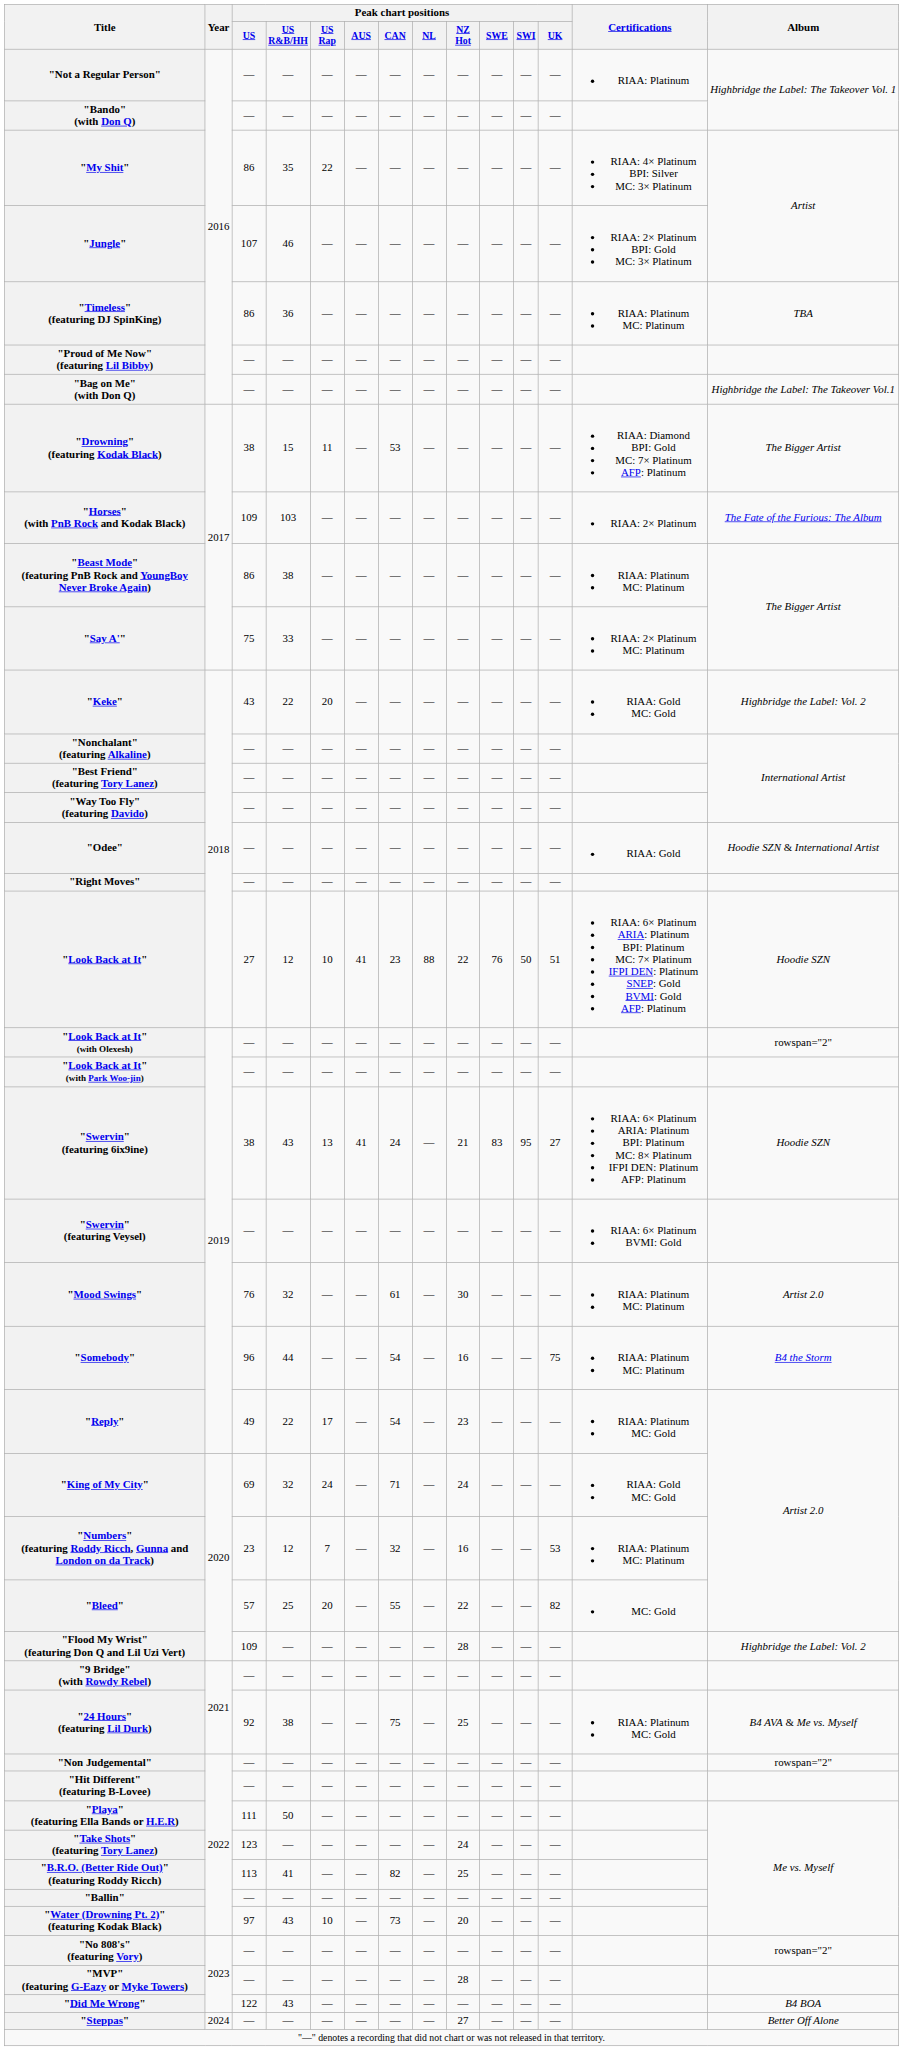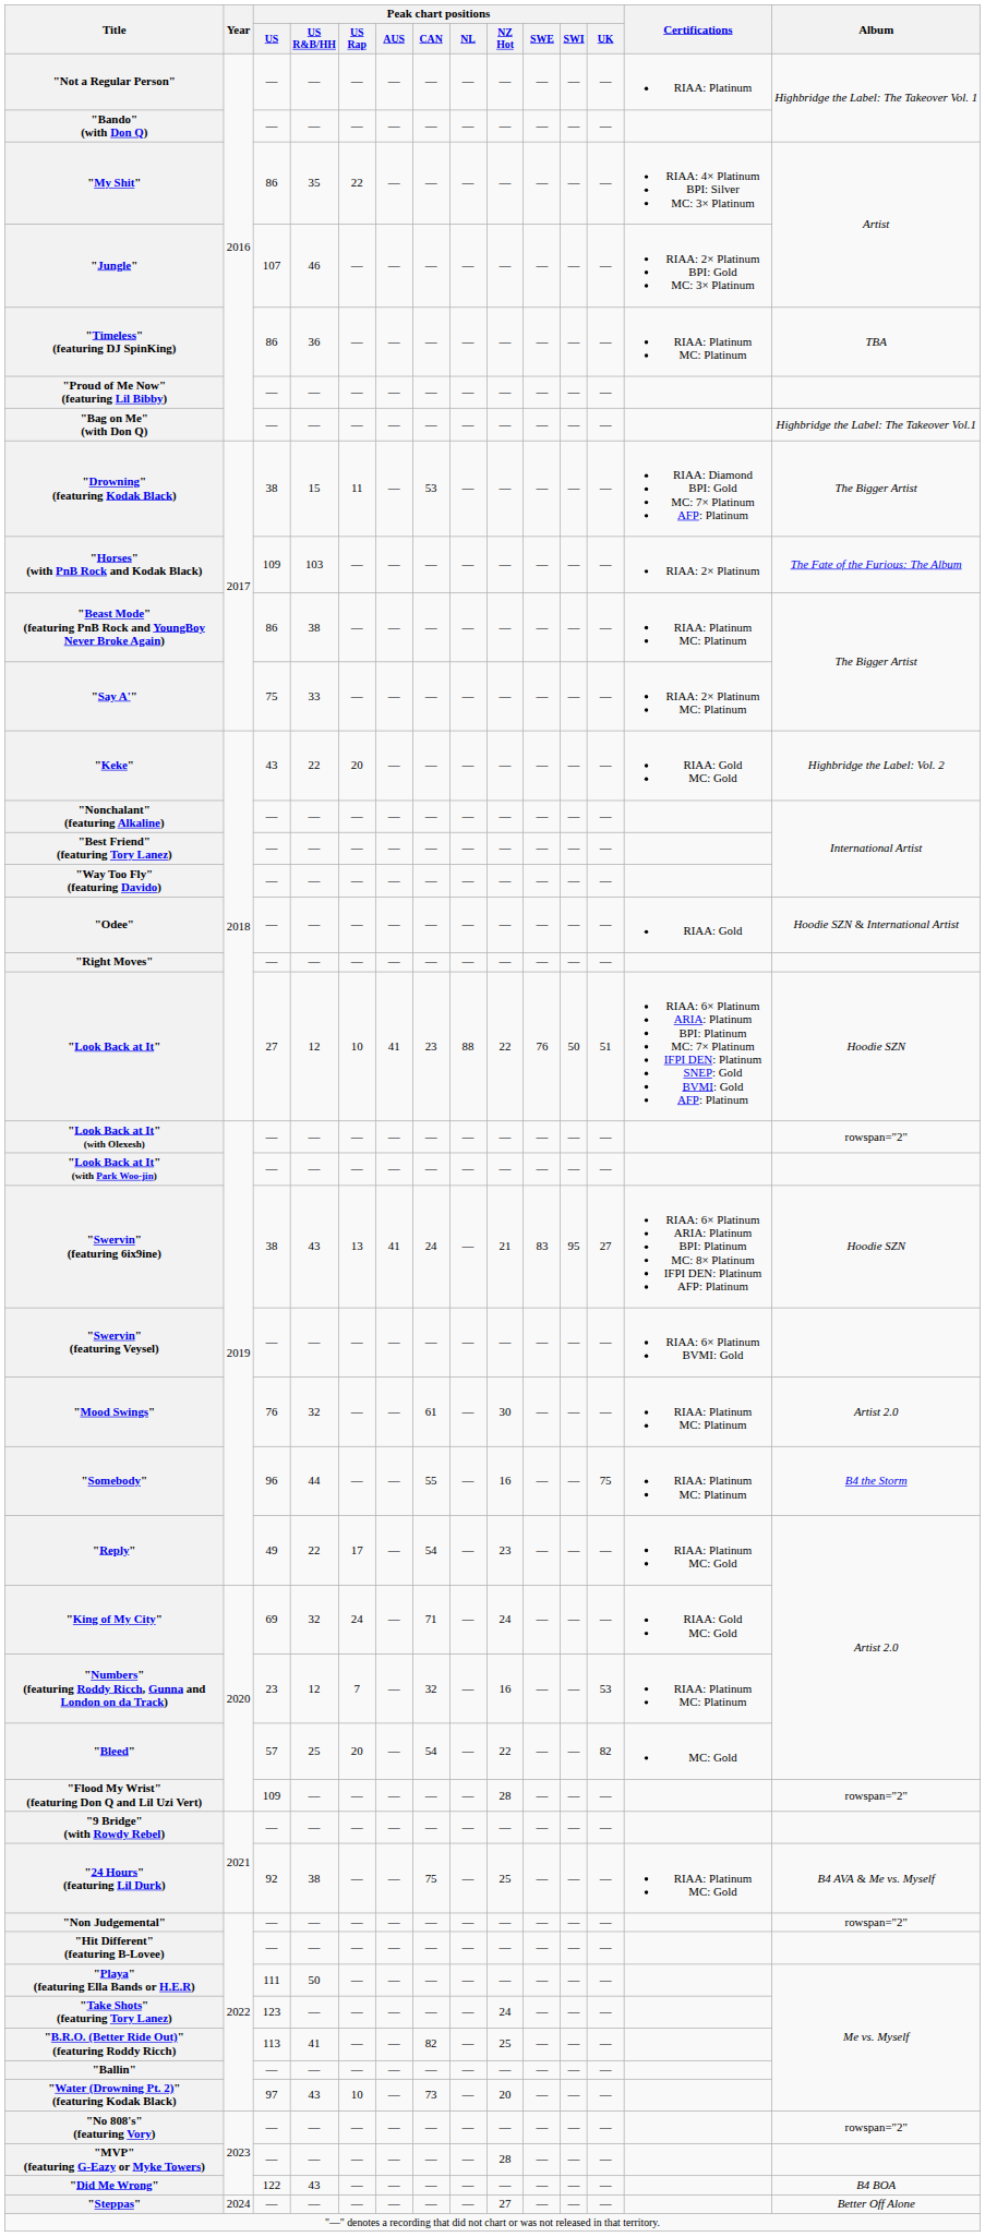 <table class="wikitable plainrowheaders" style="text-align:center;">
 <tr>
 <th scope="col" rowspan="2" style="width:18em;">Title</th>
 <th scope="col" rowspan="2" style="width:1em;">Year</th>
 <th colspan="10" scope="col">Peak chart positions</th>
 <th scope="col" rowspan="2" style="width:12em;"><a href='#'>Certifications</a></th>
 <th scope="col" rowspan="2">Album</th>
 </tr>
 <tr>
 <th scope="col" style="width:3em;font-size:90%;"><a href='#'>US</a><br></th>
 <th scope="col" style="width:3em;font-size:90%;"><a href='#'>US R&B/HH</a><br></th>
 <th scope="col" style="width:3em;font-size:90%;"><a href='#'>US Rap</a><br></th>
 <th scope="col" style="width:3em;font-size:90%;"><a href='#'>AUS</a><br></th>
 <th scope="col" style="width:3em;font-size:90%;"><a href='#'>CAN</a><br></th>
 <th scope="col" style="width:3em;font-size:90%;"><a href='#'>NL</a><br></th>
 <th scope="col" style="width:3em;font-size:90%";><a href='#'>NZ<br>Hot</a><br></th>
 <th scope="col" style="width:3em;font-size:90%;"><a href='#'>SWE</a><br></th>
 <th scope="col" style="width:2em;font-size:90%"><a href='#'>SWI</a><br></th>
 <th scope="col" style="width:3em;font-size:90%;"><a href='#'>UK</a><br></th>
 </tr>
 <tr>
 <th scope="row">"Not a Regular Person"</th>
 <td rowspan="7">2016</td>
 <td>—</td>
 <td>—</td>
 <td>—</td>
 <td>—</td>
 <td>—</td>
 <td>—</td>
 <td>—</td>
 <td>—</td>
 <td>—</td>
 <td>—</td>
 <td><br><ul><li>RIAA: Platinum</li></ul></td>
 <td rowspan="2"><em>Highbridge the Label: The Takeover Vol. 1</em></td>
 </tr>
 <tr>
 <th scope="row">"Bando"<br><span>(with <a href='#'>Don Q</a>)</span></th>
 <td>—</td>
 <td>—</td>
 <td>—</td>
 <td>—</td>
 <td>—</td>
 <td>—</td>
 <td>—</td>
 <td>—</td>
 <td>—</td>
 <td>—</td>
 <td></td>
 </tr>
 <tr>
 <th scope="row">"<a href='#'>My Shit</a>"</th>
 <td>86</td>
 <td>35</td>
 <td>22</td>
 <td>—</td>
 <td>—</td>
 <td>—</td>
 <td>—</td>
 <td>—</td>
 <td>—</td>
 <td>—</td>
 <td><br><ul><li>RIAA: 4× Platinum</li><li>BPI: Silver</li><li>MC: 3× Platinum</li></ul></td>
 <td rowspan="2"><em>Artist</em></td>
 </tr>
 <tr>
 <th scope="row">"<a href='#'>Jungle</a>"</th>
 <td>107</td>
 <td>46</td>
 <td>—</td>
 <td>—</td>
 <td>—</td>
 <td>—</td>
 <td>—</td>
 <td>—</td>
 <td>—</td>
 <td>—</td>
 <td><br><ul><li>RIAA: 2× Platinum</li><li>BPI: Gold</li><li>MC: 3× Platinum</li></ul></td>
 </tr>
 <tr>
 <th scope="row">"<a href='#'>Timeless</a>"<br><span>(featuring DJ SpinKing)</span></th>
 <td>86</td>
 <td>36</td>
 <td>—</td>
 <td>—</td>
 <td>—</td>
 <td>—</td>
 <td>—</td>
 <td>—</td>
 <td>—</td>
 <td>—</td>
 <td><br><ul><li>RIAA: Platinum</li><li>MC: Platinum</li></ul></td>
 <td><em>TBA</em></td>
 </tr>
 <tr>
 <th scope="row">"Proud of Me Now"<br><span>(featuring <a href='#'>Lil Bibby</a>)</span></th>
 <td>—</td>
 <td>—</td>
 <td>—</td>
 <td>—</td>
 <td>—</td>
 <td>—</td>
 <td>—</td>
 <td>—</td>
 <td>—</td>
 <td>—</td>
 <td></td>
 <td></td>
 </tr>
 <tr>
 <th scope="row">"Bag on Me"<br><span>(with Don Q)</span></th>
 <td>—</td>
 <td>—</td>
 <td>—</td>
 <td>—</td>
 <td>—</td>
 <td>—</td>
 <td>—</td>
 <td>—</td>
 <td>—</td>
 <td>—</td>
 <td></td>
 <td><em>Highbridge the Label: The Takeover Vol.1</em></td>
 </tr>
 <tr>
 <th scope="row">"<a href='#'>Drowning</a>"<br><span>(featuring <a href='#'>Kodak Black</a>)</span></th>
 <td rowspan="4">2017</td>
 <td>38</td>
 <td>15</td>
 <td>11</td>
 <td>—</td>
 <td>53</td>
 <td>—</td>
 <td>—</td>
 <td>—</td>
 <td>—</td>
 <td>—</td>
 <td><br><ul><li>RIAA: Diamond</li><li>BPI: Gold</li><li>MC: 7× Platinum</li><li><a href='#'>AFP</a>: Platinum</li></ul></td>
 <td><em>The Bigger Artist</em></td>
 </tr>
 <tr>
 <th scope="row">"<a href='#'>Horses</a>"<br><span>(with <a href='#'>PnB Rock</a> and Kodak Black)</span></th>
 <td>109</td>
 <td>103</td>
 <td>—</td>
 <td>—</td>
 <td>—</td>
 <td>—</td>
 <td>—</td>
 <td>—</td>
 <td>—</td>
 <td>—</td>
 <td><br><ul><li>RIAA: 2× Platinum</li></ul></td>
 <td><em><a href='#'>The Fate of the Furious: The Album</a></em></td>
 </tr>
 <tr>
 <th scope="row">"<a href='#'>Beast Mode</a>"<br><span>(featuring PnB Rock and <a href='#'>YoungBoy Never Broke Again</a>)</span></th>
 <td>86</td>
 <td>38</td>
 <td>—</td>
 <td>—</td>
 <td>—</td>
 <td>—</td>
 <td>—</td>
 <td>—</td>
 <td>—</td>
 <td>—</td>
 <td><br><ul><li>RIAA: Platinum</li><li>MC: Platinum</li></ul></td>
 <td rowspan="2"><em>The Bigger Artist</em></td>
 </tr>
 <tr>
 <th scope="row">"<a href='#'>Say A'</a>"</th>
 <td>75</td>
 <td>33</td>
 <td>—</td>
 <td>—</td>
 <td>—</td>
 <td>—</td>
 <td>—</td>
 <td>—</td>
 <td>—</td>
 <td>—</td>
 <td><br><ul><li>RIAA: 2× Platinum</li><li>MC: Platinum</li></ul></td>
 </tr>
 <tr>
 <th scope="row">"<a href='#'>Keke</a>"<br></th>
 <td rowspan="7">2018</td>
 <td>43</td>
 <td>22</td>
 <td>20</td>
 <td>—</td>
 <td>—</td>
 <td>—</td>
 <td>—</td>
 <td>—</td>
 <td>—</td>
 <td>—</td>
 <td><br><ul><li>RIAA: Gold</li><li>MC: Gold</li></ul></td>
 <td><em>Highbridge the Label: Vol. 2</em></td>
 </tr>
 <tr id="Nonchalant">
 <th scope="row">"Nonchalant"<br><span>(featuring <a href='#'>Alkaline</a>)</span></th>
 <td>—</td>
 <td>—</td>
 <td>—</td>
 <td>—</td>
 <td>—</td>
 <td>—</td>
 <td>—</td>
 <td>—</td>
 <td>—</td>
 <td>—</td>
 <td></td>
 <td rowspan="3"><em>International Artist</em></td>
 </tr>
 <tr>
 <th scope="row">"Best Friend" <br><span>(featuring <a href='#'>Tory Lanez</a>)</span></th>
 <td>—</td>
 <td>—</td>
 <td>—</td>
 <td>—</td>
 <td>—</td>
 <td>—</td>
 <td>—</td>
 <td>—</td>
 <td>—</td>
 <td>—</td>
 <td></td>
 </tr>
 <tr>
 <th scope="row">"Way Too Fly" <br><span>(featuring <a href='#'>Davido</a>)</span></th>
 <td>—</td>
 <td>—</td>
 <td>—</td>
 <td>—</td>
 <td>—</td>
 <td>—</td>
 <td>—</td>
 <td>—</td>
 <td>—</td>
 <td>—</td>
 </tr>
 <tr>
 <th scope="row">"Odee"</th>
 <td>—</td>
 <td>—</td>
 <td>—</td>
 <td>—</td>
 <td>—</td>
 <td>—</td>
 <td>—</td>
 <td>—</td>
 <td>—</td>
 <td>—</td>
 <td><br><ul><li>RIAA: Gold</li></ul></td>
 <td><em>Hoodie SZN</em> & <em>International Artist</em></td>
 </tr>
 <tr>
 <th scope="row">"Right Moves"</th>
 <td>—</td>
 <td>—</td>
 <td>—</td>
 <td>—</td>
 <td>—</td>
 <td>—</td>
 <td>—</td>
 <td>—</td>
 <td>—</td>
 <td>—</td>
 <td></td>
 <td></td>
 </tr>
 <tr>
 <th scope="row">"<a href='#'>Look Back at It</a>"</th>
 <td>27</td>
 <td>12</td>
 <td>10</td>
 <td>41</td>
 <td>23</td>
 <td>88</td>
 <td>22</td>
 <td>76</td>
 <td>50</td>
 <td>51</td>
 <td><br><ul><li>RIAA: 6× Platinum</li><li><a href='#'>ARIA</a>: Platinum</li><li>BPI: Platinum</li><li>MC: 7× Platinum</li><li><a href='#'>IFPI DEN</a>: Platinum</li><li><a href='#'>SNEP</a>: Gold</li><li><a href='#'>BVMI</a>: Gold</li><li><a href='#'>AFP</a>: Platinum</li></ul></td>
 <td><em>Hoodie SZN</em></td>
 </tr>
 <tr>
 <th scope= "row">"<a href='#'>Look Back at It</a>"<br><small>(with Olexesh)</small></th>
 <td rowspan="7" align="center">2019</td>
 <td align="center">—</td>
 <td align="center">—</td>
 <td align="center">—</td>
 <td align="center">—</td>
 <td align="center">—</td>
 <td align="center">—</td>
 <td align="center">—</td>
 <td align="center">—</td>
 <td>—</td>
 <td align="center">—</td>
 <td></td>
 <td>rowspan="2"</td>
 </tr>
 <tr>
 <th scope= "row">"<a href='#'>Look Back at It</a>"<br><small>(with <a href='#'>Park Woo-jin</a>)</small></th>
 <td align="center">—</td>
 <td align="center">—</td>
 <td align="center">—</td>
 <td align="center">—</td>
 <td align="center">—</td>
 <td align="center">—</td>
 <td align="center">—</td>
 <td align="center">—</td>
 <td>—</td>
 <td align="center">—</td>
 <td></td>
 </tr>
 <tr>
 <th scope="row">"<a href='#'>Swervin</a>"<br><span>(featuring 6ix9ine)</span></th>
 <td>38</td>
 <td>43</td>
 <td>13</td>
 <td>41</td>
 <td>24</td>
 <td>—</td>
 <td>21</td>
 <td>83</td>
 <td>95</td>
 <td>27</td>
 <td><br><ul><li>RIAA: 6× Platinum</li><li>ARIA: Platinum</li><li>BPI: Platinum</li><li>MC: 8× Platinum</li><li>IFPI DEN: Platinum</li><li>AFP: Platinum</li></ul></td>
 <td><em>Hoodie SZN</em></td>
 </tr>
 <tr>
 <th scope="row">"<a href='#'>Swervin</a>"<br><span>(featuring Veysel)</span></th>
 <td align="center">—</td>
 <td align="center">—</td>
 <td align="center">—</td>
 <td align="center">—</td>
 <td align="center">—</td>
 <td align="center">—</td>
 <td align="center">—</td>
 <td align="center">—</td>
 <td>—</td>
 <td align="center">—</td>
 <td align="center"><br><ul><li>RIAA: 6× Platinum</li><li>BVMI: Gold</li></ul></td>
 <td></td>
 </tr>
 <tr>
 <th scope="row">"<a href='#'>Mood Swings</a>"</th>
 <td>76</td>
 <td>32</td>
 <td>—</td>
 <td>—</td>
 <td>61</td>
 <td>—</td>
 <td>30</td>
 <td>—</td>
 <td>—</td>
 <td>—</td>
 <td><br><ul><li>RIAA: Platinum</li><li>MC: Platinum</li></ul></td>
 <td><em>Artist 2.0</em></td>
 </tr>
 <tr>
 <th scope="row">"<a href='#'>Somebody</a>"<br></th>
 <td>96</td>
 <td>44</td>
 <td>—</td>
 <td>—</td>
-<td>54</td>
+<td>55</td>
 <td>—</td>
 <td>16</td>
 <td>—</td>
 <td>—</td>
 <td>75</td>
 <td><br><ul><li>RIAA: Platinum</li><li>MC: Platinum</li></ul></td>
 <td><em><a href='#'>B4 the Storm</a></em></td>
 </tr>
 <tr>
 <th scope="row">"<a href='#'>Reply</a>"<br></th>
 <td>49</td>
 <td>22</td>
 <td>17</td>
 <td>—</td>
 <td>54</td>
 <td>—</td>
 <td>23</td>
 <td>—</td>
 <td>—</td>
 <td>—</td>
 <td><br><ul><li>RIAA: Platinum</li><li>MC: Gold</li></ul></td>
 <td rowspan="4"><em>Artist 2.0</em></td>
 </tr>
 <tr>
 <th scope="row">"<a href='#'>King of My City</a>"</th>
 <td rowspan="4">2020</td>
 <td>69</td>
 <td>32</td>
 <td>24</td>
 <td>—</td>
 <td>71</td>
 <td>—</td>
 <td>24</td>
 <td>—</td>
 <td>—</td>
 <td>—</td>
 <td><br><ul><li>RIAA: Gold</li><li>MC: Gold</li></ul></td>
 </tr>
 <tr>
 <th scope="row">"<a href='#'>Numbers</a>"<br><span>(featuring <a href='#'>Roddy Ricch</a>, <a href='#'>Gunna</a> and <a href='#'>London on da Track</a>)</span></th>
 <td>23</td>
 <td>12</td>
 <td>7</td>
 <td>—</td>
 <td>32</td>
 <td>—</td>
 <td>16</td>
 <td>—</td>
 <td>—</td>
 <td>53</td>
 <td><br><ul><li>RIAA: Platinum</li><li>MC: Platinum</li></ul></td>
 </tr>
 <tr>
 <th scope="row">"<a href='#'>Bleed</a>"</th>
 <td>57</td>
 <td>25</td>
 <td>20</td>
 <td>—</td>
-<td>55</td>
+<td>54</td>
 <td>—</td>
 <td>22</td>
 <td>—</td>
 <td>—</td>
 <td>82</td>
 <td><br><ul><li>MC: Gold</li></ul></td>
 </tr>
 <tr>
 <th scope="row">"Flood My Wrist"<br><span>(featuring Don Q and Lil Uzi Vert)</span></th>
 <td>109</td>
 <td>—</td>
 <td>—</td>
 <td>—</td>
 <td>—</td>
 <td>—</td>
 <td>28</td>
 <td>—</td>
 <td>—</td>
 <td>—</td>
 <td></td>
-<td><em>Highbridge the Label: Vol. 2</em></td>
+<td>rowspan="2" </td>
 </tr>
 <tr>
 <th scope="row">"9 Bridge"<br><span>(with <a href='#'>Rowdy Rebel</a>)</span></th>
 <td rowspan="2">2021</td>
 <td>—</td>
 <td>—</td>
 <td>—</td>
 <td>—</td>
 <td>—</td>
 <td>—</td>
 <td>—</td>
 <td>—</td>
 <td>—</td>
 <td>—</td>
 <td></td>
 <td></td>
 </tr>
 <tr>
 <th scope="row">"<a href='#'>24 Hours</a>"<br><span>(featuring <a href='#'>Lil Durk</a>)</span></th>
 <td>92</td>
 <td>38</td>
 <td>—</td>
 <td>—</td>
 <td>75</td>
 <td>—</td>
 <td>25</td>
 <td>—</td>
 <td>—</td>
 <td>—</td>
 <td><br><ul><li>RIAA: Platinum</li><li>MC: Gold</li></ul></td>
 <td><em>B4 AVA</em> & <em>Me vs. Myself</em></td>
 </tr>
 <tr>
 <th scope="row">"Non Judgemental"<br><span></span></th>
 <td rowspan="7">2022</td>
 <td>—</td>
 <td>—</td>
 <td>—</td>
 <td>—</td>
 <td>—</td>
 <td>—</td>
 <td>—</td>
 <td>—</td>
 <td>—</td>
 <td>—</td>
 <td></td>
 <td>rowspan="2" </td>
 </tr>
 <tr>
 <th scope="row">"Hit Different"<br><span>(featuring B-Lovee)</span></th>
 <td>—</td>
 <td>—</td>
 <td>—</td>
 <td>—</td>
 <td>—</td>
 <td>—</td>
 <td>—</td>
 <td>—</td>
 <td>—</td>
 <td>—</td>
 <td></td>
 </tr>
 <tr>
 <th scope="row">"<a href='#'>Playa</a>"<br><span>(featuring Ella Bands or <a href='#'>H.E.R</a>)</span></th>
 <td>111</td>
 <td>50</td>
 <td>—</td>
 <td>—</td>
 <td>—</td>
 <td>—</td>
 <td>—</td>
 <td>—</td>
 <td>—</td>
 <td>—</td>
 <td></td>
 <td rowspan="5"><em>Me vs. Myself</em></td>
 </tr>
 <tr>
 <th scope="row">"<a href='#'>Take Shots</a>"<br><span>(featuring <a href='#'>Tory Lanez</a>)</span></th>
 <td>123</td>
 <td>—</td>
 <td>—</td>
 <td>—</td>
 <td>—</td>
 <td>—</td>
 <td>24</td>
 <td>—</td>
 <td>—</td>
 <td>—</td>
 <td></td>
 </tr>
 <tr>
 <th scope="row">"<a href='#'>B.R.O. (Better Ride Out)</a>"<br><span>(featuring Roddy Ricch)</span></th>
 <td>113</td>
 <td>41</td>
 <td>—</td>
 <td>—</td>
 <td>82</td>
 <td>—</td>
 <td>25</td>
 <td>—</td>
 <td>—</td>
 <td>—</td>
 <td></td>
 </tr>
 <tr>
 <th scope="row">"Ballin"</th>
 <td>—</td>
 <td>—</td>
 <td>—</td>
 <td>—</td>
 <td>—</td>
 <td>—</td>
 <td>—</td>
 <td>—</td>
 <td>—</td>
 <td>—</td>
 <td></td>
 </tr>
 <tr>
 <th scope="row">"<a href='#'>Water (Drowning Pt. 2)</a>"<br><span>(featuring Kodak Black)</span></th>
 <td>97</td>
 <td>43</td>
 <td>10</td>
 <td>—</td>
 <td>73</td>
 <td>—</td>
 <td>20</td>
 <td>—</td>
 <td>—</td>
 <td>—</td>
 <td></td>
 </tr>
 <tr>
 <th scope="row">"No 808's"<br><span>(featuring <a href='#'>Vory</a>)</span></th>
 <td rowspan="3">2023</td>
 <td>—</td>
 <td>—</td>
 <td>—</td>
 <td>—</td>
 <td>—</td>
 <td>—</td>
 <td>—</td>
 <td>—</td>
 <td>—</td>
 <td>—</td>
 <td></td>
 <td>rowspan="2" </td>
 </tr>
 <tr>
 <th scope="row">"MVP"<br><span>(featuring <a href='#'>G-Eazy</a> or <a href='#'>Myke Towers</a>)</span></th>
 <td>—</td>
 <td>—</td>
 <td>—</td>
 <td>—</td>
 <td>—</td>
 <td>—</td>
 <td>28</td>
 <td>—</td>
 <td>—</td>
 <td>—</td>
 <td></td>
 </tr>
 <tr>
 <th scope="row">"<a href='#'>Did Me Wrong</a>"<br><span></span></th>
 <td>122</td>
 <td>43</td>
 <td>—</td>
 <td>—</td>
 <td>—</td>
 <td>—</td>
 <td>—</td>
 <td>—</td>
 <td>—</td>
 <td>—</td>
 <td></td>
 <td><em>B4 BOA</em></td>
 </tr>
 <tr>
 <th scope="row">"<a href='#'>Steppas</a>"</th>
 <td>2024</td>
 <td>—</td>
 <td>—</td>
 <td>—</td>
 <td>—</td>
 <td>—</td>
 <td>—</td>
 <td>27</td>
 <td>—</td>
 <td>—</td>
 <td>—</td>
 <td></td>
 <td><em>Better Off Alone</em></td>
 </tr>
 <tr>
 <td colspan="14" style="font-size:90%">"—" denotes a recording that did not chart or was not released in that territory.</td>
 </tr>
 </table>
